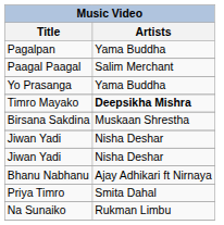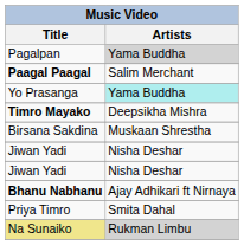 <table class="wikitable">
 <tr style="background:#ccc; text-align:center;">
 <th colspan="4" style="background: LightSteelBlue;">Music Video</th>
 </tr>
 <tr style="background:#ccc; text-align:center;">
 <th>Title</th>
 <th>Artists</th>
 </tr>
 <tr>
 <td>Pagalpan</td>
-<td>Yama Buddha</td>
+<td style="background: lightgrey;">Yama Buddha</td>
 </tr>
 <tr>
 </tr>
 <tr>
-<td>Paagal Paagal</td>
+<td><strong>Paagal Paagal</strong></td>
 <td>Salim Merchant</td>
 </tr>
 <tr>
 </tr>
 <tr>
 <td>Yo Prasanga</td>
-<td>Yama Buddha</td>
+<td style="background: paleturquoise;">Yama Buddha</td>
 </tr>
 <tr>
 </tr>
 <tr>
-<td>Timro Mayako</td>
-<td><strong>Deepsikha Mishra</strong></td>
+<td><strong>Timro Mayako</strong></td>
+<td>Deepsikha Mishra</td>
 </tr>
 <tr>
 </tr>
 <tr>
 <td>Birsana Sakdina</td>
 <td>Muskaan Shrestha</td>
 </tr>
 <tr>
 </tr>
 <tr>
 <td>Jiwan Yadi</td>
 <td>Nisha Deshar</td>
 </tr>
 <tr>
 </tr>
 <tr>
 <td>Jiwan Yadi</td>
 <td>Nisha Deshar</td>
 </tr>
 <tr>
 </tr>
 <tr>
-<td>Bhanu Nabhanu</td>
+<td><strong>Bhanu Nabhanu</strong></td>
 <td>Ajay Adhikari ft Nirnaya</td>
 </tr>
 <tr>
 </tr>
 <tr>
 <td>Priya Timro</td>
 <td>Smita Dahal</td>
 </tr>
 <tr>
 </tr>
 <tr>
-<td>Na Sunaiko</td>
-<td>Rukman Limbu</td>
+<td style="background: khaki;">Na Sunaiko</td>
+<td style="background: lightgrey;">Rukman Limbu</td>
 </tr>
 <tr>
 </tr>
 </table>
